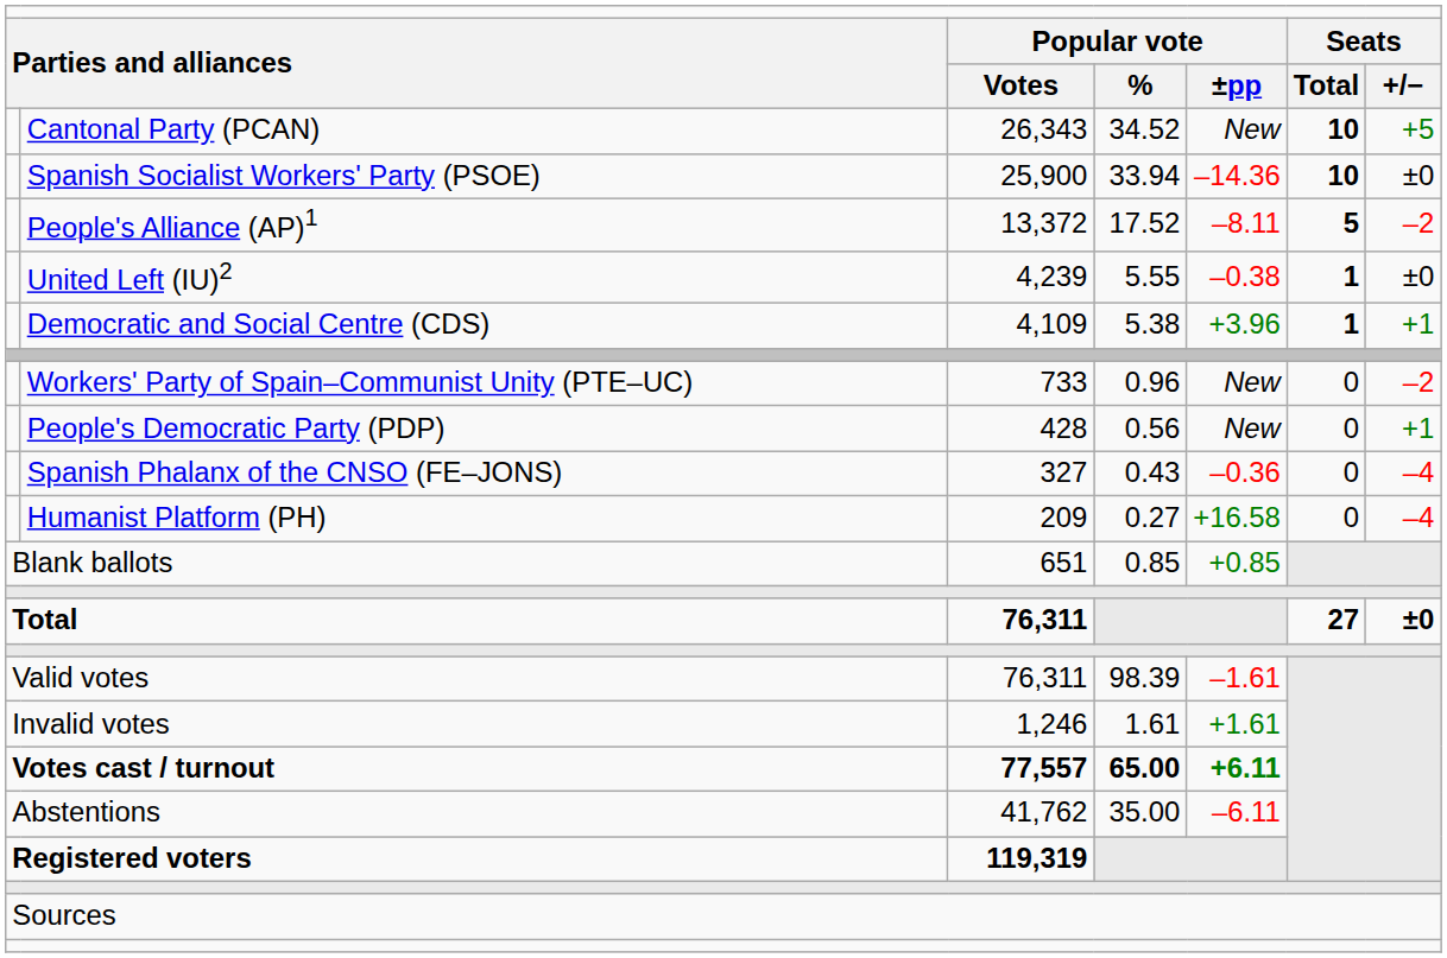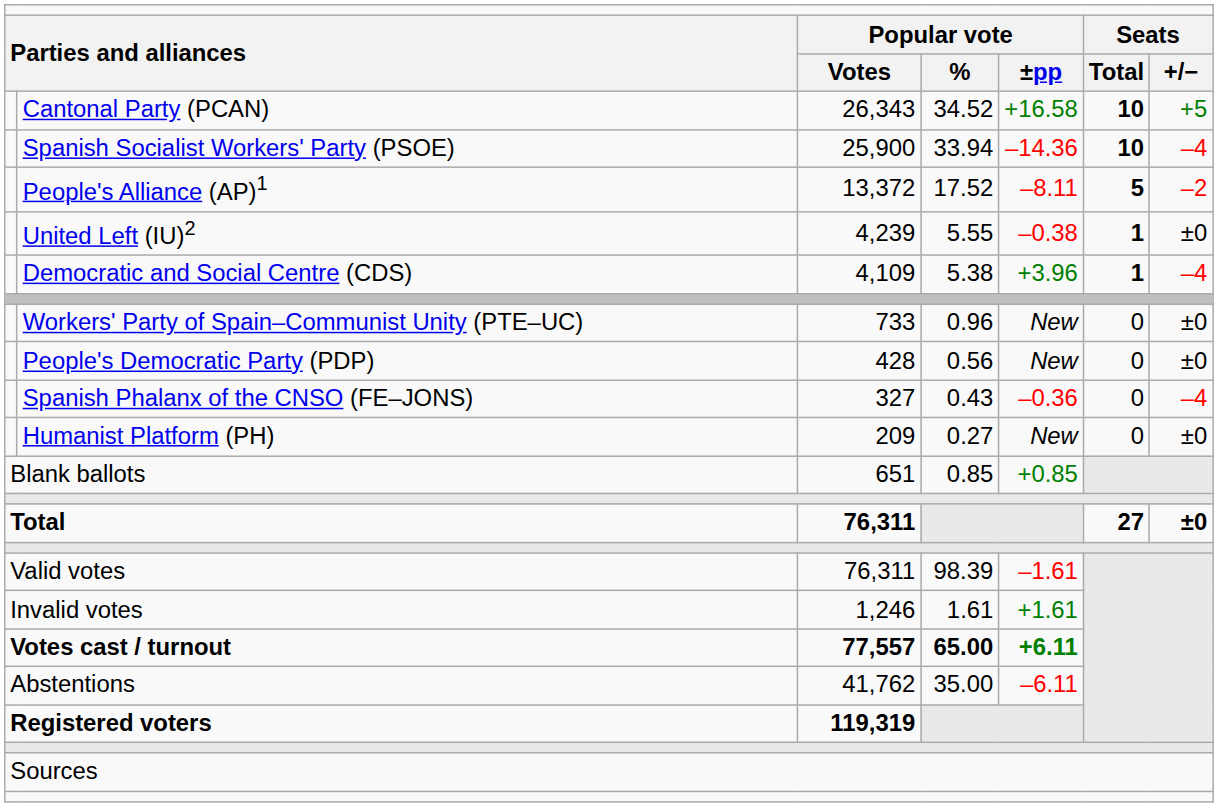 <table class="wikitable" style="text-align:right;">
 <tr>
 <td colspan="7"></td>
 </tr>
 <tr>
 <th style="text-align:left;" rowspan="2" colspan="2" width="525">Parties and alliances</th>
 <th colspan="3">Popular vote</th>
 <th colspan="2">Seats</th>
 </tr>
 <tr>
 <th width="75">Votes</th>
 <th width="45">%</th>
 <th width="45">±<a href='#'>pp</a></th>
 <th width="35">Total</th>
 <th width="35">+/−</th>
 </tr>
 <tr>
 <td width="1" style="color:inherit;background:"></td>
 <td align="left"><a href='#'>Cantonal Party</a> (PCAN)</td>
 <td>26,343</td>
 <td>34.52</td>
-<td><em>New</em></td>
+<td style="color:green;">+16.58</td>
 <td><strong>10</strong></td>
 <td style="color:green;">+5</td>
 </tr>
 <tr>
 <td style="color:inherit;background:"></td>
 <td align="left"><a href='#'>Spanish Socialist Workers' Party</a> (PSOE)</td>
 <td>25,900</td>
 <td>33.94</td>
 <td style="color:red;">–14.36</td>
 <td><strong>10</strong></td>
-<td>±0</td>
+<td style="color:red;">–4</td>
 </tr>
 <tr>
 <td style="color:inherit;background:"></td>
 <td align="left"><a href='#'>People's Alliance</a> (AP)<sup>1</sup></td>
 <td>13,372</td>
 <td>17.52</td>
 <td style="color:red;">–8.11</td>
 <td><strong>5</strong></td>
 <td style="color:red;">–2</td>
 </tr>
 <tr>
 <td style="color:inherit;background:"></td>
 <td align="left"><a href='#'>United Left</a> (IU)<sup>2</sup></td>
 <td>4,239</td>
 <td>5.55</td>
 <td style="color:red;">–0.38</td>
 <td><strong>1</strong></td>
 <td>±0</td>
 </tr>
 <tr>
 <td style="color:inherit;background:"></td>
 <td align="left"><a href='#'>Democratic and Social Centre</a> (CDS)</td>
 <td>4,109</td>
 <td>5.38</td>
 <td style="color:green;">+3.96</td>
 <td><strong>1</strong></td>
-<td style="color:green;">+1</td>
+<td style="color:red;">–4</td>
 </tr>
 <tr>
 <td colspan="7" bgcolor="#C0C0C0"></td>
 </tr>
 <tr>
 <td style="color:inherit;background:"></td>
 <td align="left"><a href='#'>Workers' Party of Spain–Communist Unity</a> (PTE–UC)</td>
 <td>733</td>
 <td>0.96</td>
 <td><em>New</em></td>
 <td>0</td>
-<td style="color:red;">–2</td>
+<td>±0</td>
 </tr>
 <tr>
 <td style="color:inherit;background:"></td>
 <td align="left"><a href='#'>People's Democratic Party</a> (PDP)</td>
 <td>428</td>
 <td>0.56</td>
 <td><em>New</em></td>
 <td>0</td>
-<td style="color:green;">+1</td>
+<td>±0</td>
 </tr>
 <tr>
 <td style="color:inherit;background:"></td>
 <td align="left"><a href='#'>Spanish Phalanx of the CNSO</a> (FE–JONS)</td>
 <td>327</td>
 <td>0.43</td>
 <td style="color:red;">–0.36</td>
 <td>0</td>
 <td style="color:red;">–4</td>
 </tr>
 <tr>
 <td style="color:inherit;background:"></td>
 <td align="left"><a href='#'>Humanist Platform</a> (PH)</td>
 <td>209</td>
 <td>0.27</td>
-<td style="color:green;">+16.58</td>
+<td><em>New</em></td>
 <td>0</td>
-<td style="color:red;">–4</td>
+<td>±0</td>
 </tr>
 <tr>
 <td align="left" colspan="2">Blank ballots</td>
 <td>651</td>
 <td>0.85</td>
 <td style="color:green;">+0.85</td>
 <td bgcolor="#E9E9E9" colspan="2"></td>
 </tr>
 <tr>
 <td colspan="7" bgcolor="#E9E9E9"></td>
 </tr>
 <tr style="font-weight:bold;">
 <td align="left" colspan="2">Total</td>
 <td>76,311</td>
 <td bgcolor="#E9E9E9" colspan="2"></td>
 <td>27</td>
 <td>±0</td>
 </tr>
 <tr>
 <td colspan="7" bgcolor="#E9E9E9"></td>
 </tr>
 <tr>
 <td align="left" colspan="2">Valid votes</td>
 <td>76,311</td>
 <td>98.39</td>
 <td style="color:red;">–1.61</td>
 <td bgcolor="#E9E9E9" colspan="2" rowspan="5"></td>
 </tr>
 <tr>
 <td align="left" colspan="2">Invalid votes</td>
 <td>1,246</td>
 <td>1.61</td>
 <td style="color:green;">+1.61</td>
 </tr>
 <tr style="font-weight:bold;">
 <td align="left" colspan="2">Votes cast / turnout</td>
 <td>77,557</td>
 <td>65.00</td>
 <td style="color:green;">+6.11</td>
 </tr>
 <tr>
 <td align="left" colspan="2">Abstentions</td>
 <td>41,762</td>
 <td>35.00</td>
 <td style="color:red;">–6.11</td>
 </tr>
 <tr style="font-weight:bold;">
 <td align="left" colspan="2">Registered voters</td>
 <td>119,319</td>
 <td bgcolor="#E9E9E9" colspan="2"></td>
 </tr>
 <tr>
 <td colspan="7" bgcolor="#E9E9E9"></td>
 </tr>
 <tr>
 <td align="left" colspan="7">Sources</td>
 </tr>
 <tr>
 <td colspan="7" style="text-align:left; max-width:790px;"></td>
 </tr>
 </table>
